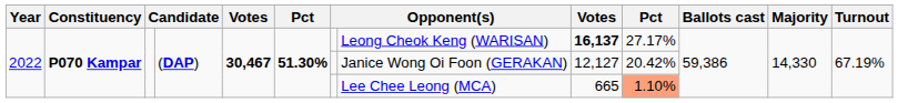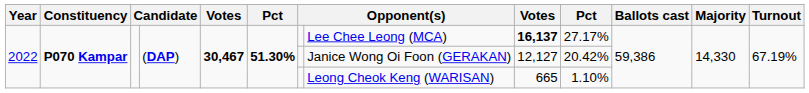 <table class="wikitable" style="margin:0.5em ; font-size:95%">
 <tr>
 <th>Year</th>
 <th>Constituency</th>
 <th colspan=2>Candidate</th>
 <th>Votes</th>
 <th>Pct</th>
 <th colspan=2>Opponent(s)</th>
 <th>Votes</th>
 <th>Pct</th>
 <th>Ballots cast</th>
 <th>Majority</th>
 <th>Turnout</th>
 </tr>
 <tr>
 <td rowspan="3"><a href='#'>2022</a></td>
 <td rowspan="3"><strong>P070 <a href='#'>Kampar</a></strong></td>
 <td rowspan="3" ></td>
 <td rowspan="3"> (<a href='#'><strong>DAP</strong></a>)</td>
 <td rowspan="3" align="right"><strong>30,467</strong></td>
 <td rowspan="3"><strong>51.30%</strong></td>
 <td></td>
-<td><a href='#'>Leong Cheok Keng</a> (<a href='#'>WARISAN</a>)</td>
+<td><a href='#'>Lee Chee Leong</a> (<a href='#'>MCA</a>)</td>
 <td align="right"><strong>16,137</strong></td>
 <td>27.17%</td>
 <td rowspan="3">59,386</td>
 <td rowspan="3">14,330</td>
 <td rowspan="3">67.19%</td>
 </tr>
 <tr>
 <td bgcolor=></td>
 <td>Janice Wong Oi Foon (<a href='#'>GERAKAN</a>)</td>
 <td align="right">12,127</td>
 <td>20.42%</td>
 </tr>
 <tr>
 <td></td>
-<td><a href='#'>Lee Chee Leong</a> (<a href='#'>MCA</a>)</td>
+<td><a href='#'>Leong Cheok Keng</a> (<a href='#'>WARISAN</a>)</td>
 <td align="right">665</td>
-<td align=right style="background: lightsalmon;">1.10%</td>
+<td align=right>1.10%</td>
 </tr>
 </table>
